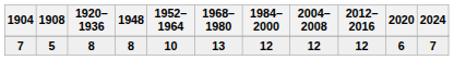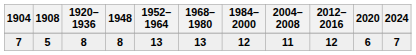 <table class="wikitable sticky-header" style="text-align:center">
 <tr>
 <th scope="col">1904</th>
 <th scope="col">1908</th>
 <th scope="col">1920–1936</th>
 <th scope="col">1948</th>
 <th scope="col">1952–1964</th>
 <th scope="col">1968–1980</th>
 <th scope="col">1984–2000</th>
 <th scope="col">2004–2008</th>
 <th scope="col">2012–2016</th>
 <th scope="col">2020</th>
 <th scope="col">2024</th>
 </tr>
 <tr>
 </tr>
 <tr>
 </tr>
 <tr>
 </tr>
 <tr>
 </tr>
 <tr>
 </tr>
 <tr>
 </tr>
 <tr>
 </tr>
 <tr>
 </tr>
 <tr>
 </tr>
 <tr>
 </tr>
 <tr>
 </tr>
 <tr>
 </tr>
 <tr>
 </tr>
 <tr>
 </tr>
 <tr>
 </tr>
 <tr>
 </tr>
 <tr>
 </tr>
 <tr>
 </tr>
 <tr>
 </tr>
 <tr>
 </tr>
 <tr>
 </tr>
 <tr>
 </tr>
 <tr>
 </tr>
 <tr>
 </tr>
 <tr>
 </tr>
 <tr>
 </tr>
 <tr>
 </tr>
 <tr>
 </tr>
 <tr>
 </tr>
 <tr>
 </tr>
 <tr>
 </tr>
 <tr>
 </tr>
 <tr>
 </tr>
 <tr>
 </tr>
 <tr>
 </tr>
 <tr>
 </tr>
 <tr style="background:#efefef; font-weight:bold;">
 <td>7</td>
 <td>5</td>
 <td>8</td>
 <td>8</td>
-<td>10</td>
+<td>13</td>
 <td>13</td>
 <td>12</td>
-<td>12</td>
+<td>11</td>
 <td>12</td>
 <td>6</td>
 <td>7</td>
 </tr>
 </table>
